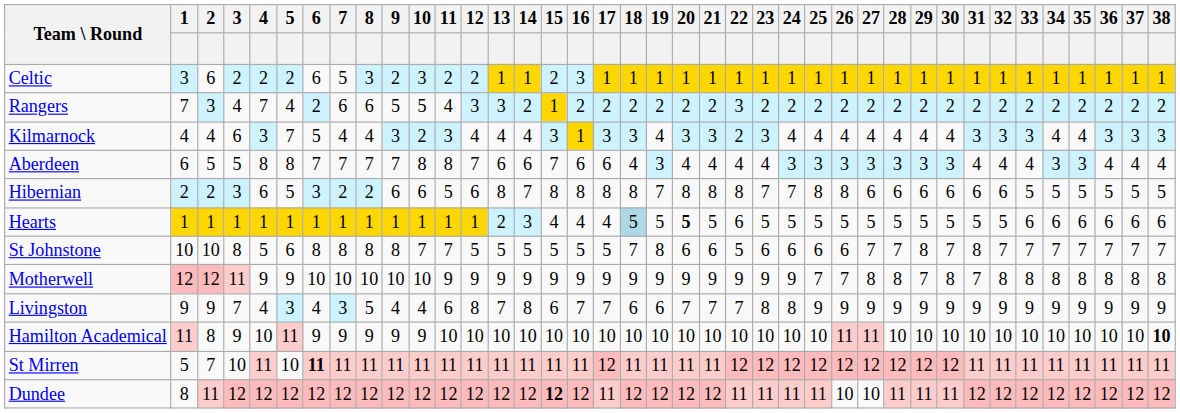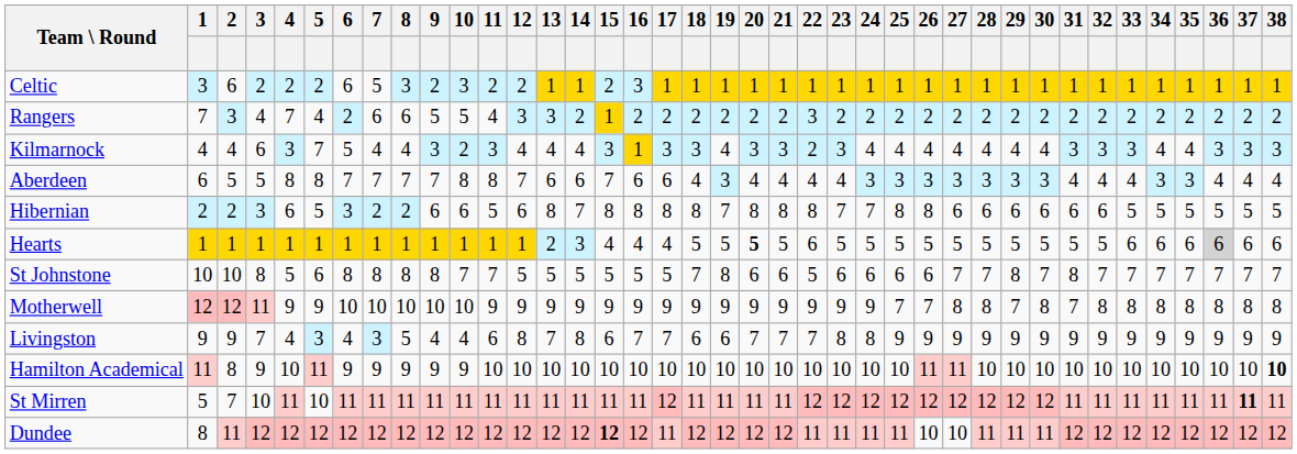 <table class="wikitable sortable" style="font-size: 100%; text-align:center;">
 <tr>
 <th rowspan="2">Team \ Round</th>
 <th align=center>1</th>
 <th align=center>2</th>
 <th align=center>3</th>
 <th align=center>4</th>
 <th align=center>5</th>
 <th align=center>6</th>
 <th align=center>7</th>
 <th align=center>8</th>
 <th align=center>9</th>
 <th align=center>10</th>
 <th align=center>11</th>
 <th align=center>12</th>
 <th align=center>13</th>
 <th align=center>14</th>
 <th align=center>15</th>
 <th align=center>16</th>
 <th align=center>17</th>
 <th align=center>18</th>
 <th align=center>19</th>
 <th align=center>20</th>
 <th align=center>21</th>
 <th align=center>22</th>
 <th align=center>23</th>
 <th align=center>24</th>
 <th align=center>25</th>
 <th align=center>26</th>
 <th align=center>27</th>
 <th align=center>28</th>
 <th align=center>29</th>
 <th align=center>30</th>
 <th align=center>31</th>
 <th align=center>32</th>
 <th align=center>33</th>
 <th align=center>34</th>
 <th align=center>35</th>
 <th align=center>36</th>
 <th align=center>37</th>
 <th align=center>38</th>
 </tr>
 <tr>
 <th style="text-align:center; height:20px;"></th>
 <th align=center></th>
 <th align=center></th>
 <th align=center></th>
 <th align=center></th>
 <th align=center></th>
 <th align=center></th>
 <th align=center></th>
 <th align=center></th>
 <th align=center></th>
 <th align=center></th>
 <th align=center></th>
 <th align=center></th>
 <th align=center></th>
 <th align=center></th>
 <th align=center></th>
 <th align=center></th>
 <th align=center></th>
 <th align=center></th>
 <th align=center></th>
 <th align=center></th>
 <th align=center></th>
 <th align=center></th>
 <th align=center></th>
 <th align=center></th>
 <th align=center></th>
 <th align=center></th>
 <th align=center></th>
 <th align=center></th>
 <th align=center></th>
 <th align=center></th>
 <th align=center></th>
 <th align=center></th>
 <th align=center></th>
 <th align=center></th>
 <th align=center></th>
 <th align=center></th>
 <th align=center></th>
 </tr>
 <tr align=center>
 <td align=left><a href='#'>Celtic</a></td>
 <td style="background:#CCF3FF;">3</td>
 <td>6</td>
 <td style="background:#CCF3FF;">2</td>
 <td style="background:#CCF3FF;">2</td>
 <td style="background:#CCF3FF;">2</td>
 <td>6</td>
 <td>5</td>
 <td style="background:#CCF3FF;">3</td>
 <td style="background:#CCF3FF;">2</td>
 <td style="background:#CCF3FF;">3</td>
 <td style="background:#CCF3FF;">2</td>
 <td style="background:#CCF3FF;">2</td>
 <td style="background:gold;">1</td>
 <td style="background:gold;">1</td>
 <td style="background:#CCF3FF;">2</td>
 <td style="background:#CCF3FF;">3</td>
 <td style="background:gold;">1</td>
 <td style="background:gold;">1</td>
 <td style="background:gold;">1</td>
 <td style="background:gold;">1</td>
 <td style="background:gold;">1</td>
 <td style="background:gold;">1</td>
 <td style="background:gold;">1</td>
 <td style="background:gold;">1</td>
 <td style="background:gold;">1</td>
 <td style="background:gold;">1</td>
 <td style="background:gold;">1</td>
 <td style="background:gold;">1</td>
 <td style="background:gold;">1</td>
 <td style="background:gold;">1</td>
 <td style="background:gold;">1</td>
 <td style="background:gold;">1</td>
 <td style="background:gold;">1</td>
 <td style="background:gold;">1</td>
 <td style="background:gold;">1</td>
 <td style="background:gold;">1</td>
 <td style="background:gold;">1</td>
 <td style="background:gold;">1</td>
 </tr>
 <tr align=center>
 <td align=left><a href='#'>Rangers</a></td>
 <td>7</td>
 <td style="background:#CCF3FF;">3</td>
 <td>4</td>
 <td>7</td>
 <td>4</td>
 <td style="background:#CCF3FF;">2</td>
 <td>6</td>
 <td>6</td>
 <td>5</td>
 <td>5</td>
 <td>4</td>
 <td style="background:#CCF3FF;">3</td>
 <td style="background:#CCF3FF;">3</td>
 <td style="background:#CCF3FF;">2</td>
 <td style="background:gold;">1</td>
 <td style="background:#CCF3FF;">2</td>
 <td style="background:#CCF3FF;">2</td>
 <td style="background:#CCF3FF;">2</td>
 <td style="background:#CCF3FF;">2</td>
 <td style="background:#CCF3FF;">2</td>
 <td style="background:#CCF3FF;">2</td>
 <td style="background:#CCF3FF;">3</td>
 <td style="background:#CCF3FF;">2</td>
 <td style="background:#CCF3FF;">2</td>
 <td style="background:#CCF3FF;">2</td>
 <td style="background:#CCF3FF;">2</td>
 <td style="background:#CCF3FF;">2</td>
 <td style="background:#CCF3FF;">2</td>
 <td style="background:#CCF3FF;">2</td>
 <td style="background:#CCF3FF;">2</td>
 <td style="background:#CCF3FF;">2</td>
 <td style="background:#CCF3FF;">2</td>
 <td style="background:#CCF3FF;">2</td>
 <td style="background:#CCF3FF;">2</td>
 <td style="background:#CCF3FF;">2</td>
 <td style="background:#CCF3FF;">2</td>
 <td style="background:#CCF3FF;">2</td>
 <td style="background:#CCF3FF;">2</td>
 </tr>
 <tr align=center>
 <td align=left><a href='#'>Kilmarnock</a></td>
 <td>4</td>
 <td>4</td>
 <td>6</td>
 <td style="background:#CCF3FF;">3</td>
 <td>7</td>
 <td>5</td>
 <td>4</td>
 <td>4</td>
 <td style="background:#CCF3FF;">3</td>
 <td style="background:#CCF3FF;">2</td>
 <td style="background:#CCF3FF;">3</td>
 <td>4</td>
 <td>4</td>
 <td>4</td>
 <td style="background:#CCF3FF;">3</td>
 <td style="background:gold;">1</td>
 <td style="background:#CCF3FF;">3</td>
 <td style="background:#CCF3FF;">3</td>
 <td>4</td>
 <td style="background:#CCF3FF;">3</td>
 <td style="background:#CCF3FF;">3</td>
 <td style="background:#CCF3FF;">2</td>
 <td style="background:#CCF3FF;">3</td>
 <td>4</td>
 <td>4</td>
 <td>4</td>
 <td>4</td>
 <td>4</td>
 <td>4</td>
 <td>4</td>
 <td style="background:#CCF3FF;">3</td>
 <td style="background:#CCF3FF;">3</td>
 <td style="background:#CCF3FF;">3</td>
 <td>4</td>
 <td>4</td>
 <td style="background:#CCF3FF;">3</td>
 <td style="background:#CCF3FF;">3</td>
 <td style="background:#CCF3FF;">3</td>
 </tr>
 <tr align=center>
 <td align=left><a href='#'>Aberdeen</a></td>
 <td>6</td>
 <td>5</td>
 <td>5</td>
 <td>8</td>
 <td>8</td>
 <td>7</td>
 <td>7</td>
 <td>7</td>
 <td>7</td>
 <td>8</td>
 <td>8</td>
 <td>7</td>
 <td>6</td>
 <td>6</td>
 <td>7</td>
 <td>6</td>
 <td>6</td>
 <td>4</td>
 <td style="background:#CCF3FF;">3</td>
 <td>4</td>
 <td>4</td>
 <td>4</td>
 <td>4</td>
 <td style="background:#CCF3FF;">3</td>
 <td style="background:#CCF3FF;">3</td>
 <td style="background:#CCF3FF;">3</td>
 <td style="background:#CCF3FF;">3</td>
 <td style="background:#CCF3FF;">3</td>
 <td style="background:#CCF3FF;">3</td>
 <td style="background:#CCF3FF;">3</td>
 <td>4</td>
 <td>4</td>
 <td>4</td>
 <td style="background:#CCF3FF;">3</td>
 <td style="background:#CCF3FF;">3</td>
 <td>4</td>
 <td>4</td>
 <td>4</td>
 </tr>
 <tr align=center>
 <td align=left><a href='#'>Hibernian</a></td>
 <td style="background:#CCF3FF;">2</td>
 <td style="background:#CCF3FF;">2</td>
 <td style="background:#CCF3FF;">3</td>
 <td>6</td>
 <td>5</td>
 <td style="background:#CCF3FF;">3</td>
 <td style="background:#CCF3FF;">2</td>
 <td style="background:#CCF3FF;">2</td>
 <td>6</td>
 <td>6</td>
 <td>5</td>
 <td>6</td>
 <td>8</td>
 <td>7</td>
 <td>8</td>
 <td>8</td>
 <td>8</td>
 <td>8</td>
 <td>7</td>
 <td>8</td>
 <td>8</td>
 <td>8</td>
 <td>7</td>
 <td>7</td>
 <td>8</td>
 <td>8</td>
 <td>6</td>
 <td>6</td>
 <td>6</td>
 <td>6</td>
 <td>6</td>
 <td>6</td>
 <td>5</td>
 <td>5</td>
 <td>5</td>
 <td>5</td>
 <td>5</td>
 <td>5</td>
 </tr>
 <tr align=center>
 <td align=left><a href='#'>Hearts</a></td>
 <td style="background:gold;">1</td>
 <td style="background:gold;">1</td>
 <td style="background:gold;">1</td>
 <td style="background:gold;">1</td>
 <td style="background:gold;">1</td>
 <td style="background:gold;">1</td>
 <td style="background:gold;">1</td>
 <td style="background:gold;">1</td>
 <td style="background:gold;">1</td>
 <td style="background:gold;">1</td>
 <td style="background:gold;">1</td>
 <td style="background:gold;">1</td>
 <td style="background:#CCF3FF;">2</td>
 <td style="background:#CCF3FF;">3</td>
 <td>4</td>
 <td>4</td>
 <td>4</td>
-<td style="background: lightblue;">5</td>
+<td>5</td>
 <td>5</td>
 <td><strong>5</strong></td>
 <td>5</td>
 <td>6</td>
 <td>5</td>
 <td>5</td>
 <td>5</td>
 <td>5</td>
 <td>5</td>
 <td>5</td>
 <td>5</td>
 <td>5</td>
 <td>5</td>
 <td>5</td>
 <td>6</td>
 <td>6</td>
 <td>6</td>
-<td>6</td>
+<td style="background: lightgrey;">6</td>
 <td>6</td>
 <td>6</td>
 </tr>
 <tr align=center>
 <td align=left><a href='#'>St Johnstone</a></td>
 <td>10</td>
 <td>10</td>
 <td>8</td>
 <td>5</td>
 <td>6</td>
 <td>8</td>
 <td>8</td>
 <td>8</td>
 <td>8</td>
 <td>7</td>
 <td>7</td>
 <td>5</td>
 <td>5</td>
 <td>5</td>
 <td>5</td>
 <td>5</td>
 <td>5</td>
 <td>7</td>
 <td>8</td>
 <td>6</td>
 <td>6</td>
 <td>5</td>
 <td>6</td>
 <td>6</td>
 <td>6</td>
 <td>6</td>
 <td>7</td>
 <td>7</td>
 <td>8</td>
 <td>7</td>
 <td>8</td>
 <td>7</td>
 <td>7</td>
 <td>7</td>
 <td>7</td>
 <td>7</td>
 <td>7</td>
 <td>7</td>
 </tr>
 <tr align=center>
 <td align=left><a href='#'>Motherwell</a></td>
 <td style="background:#FFBBBB;">12</td>
 <td style="background:#FFBBBB;">12</td>
 <td style="background:#FFCCCC;">11</td>
 <td>9</td>
 <td>9</td>
 <td>10</td>
 <td>10</td>
 <td>10</td>
 <td>10</td>
 <td>10</td>
 <td>9</td>
 <td>9</td>
 <td>9</td>
 <td>9</td>
 <td>9</td>
 <td>9</td>
 <td>9</td>
 <td>9</td>
 <td>9</td>
 <td>9</td>
 <td>9</td>
 <td>9</td>
 <td>9</td>
 <td>9</td>
 <td>7</td>
 <td>7</td>
 <td>8</td>
 <td>8</td>
 <td>7</td>
 <td>8</td>
 <td>7</td>
 <td>8</td>
 <td>8</td>
 <td>8</td>
 <td>8</td>
 <td>8</td>
 <td>8</td>
 <td>8</td>
 </tr>
 <tr align=center>
 <td align=left><a href='#'>Livingston</a></td>
 <td>9</td>
 <td>9</td>
 <td>7</td>
 <td>4</td>
 <td style="background:#CCF3FF;">3</td>
 <td>4</td>
 <td style="background:#CCF3FF;">3</td>
 <td>5</td>
 <td>4</td>
 <td>4</td>
 <td>6</td>
 <td>8</td>
 <td>7</td>
 <td>8</td>
 <td>6</td>
 <td>7</td>
 <td>7</td>
 <td>6</td>
 <td>6</td>
 <td>7</td>
 <td>7</td>
 <td>7</td>
 <td>8</td>
 <td>8</td>
 <td>9</td>
 <td>9</td>
 <td>9</td>
 <td>9</td>
 <td>9</td>
 <td>9</td>
 <td>9</td>
 <td>9</td>
 <td>9</td>
 <td>9</td>
 <td>9</td>
 <td>9</td>
 <td>9</td>
 <td>9</td>
 </tr>
 <tr align=center>
 <td align=left><a href='#'>Hamilton Academical</a></td>
 <td style="background:#FFCCCC;">11</td>
 <td>8</td>
 <td>9</td>
 <td>10</td>
 <td style="background:#FFCCCC;">11</td>
 <td>9</td>
 <td>9</td>
 <td>9</td>
 <td>9</td>
 <td>9</td>
 <td>10</td>
 <td>10</td>
 <td>10</td>
 <td>10</td>
 <td>10</td>
 <td>10</td>
 <td>10</td>
 <td>10</td>
 <td>10</td>
 <td>10</td>
 <td>10</td>
 <td>10</td>
 <td>10</td>
 <td>10</td>
 <td>10</td>
 <td style="background:#FFCCCC;">11</td>
 <td style="background:#FFCCCC;">11</td>
 <td>10</td>
 <td>10</td>
 <td>10</td>
 <td>10</td>
 <td>10</td>
 <td>10</td>
 <td>10</td>
 <td>10</td>
 <td>10</td>
 <td>10</td>
 <td><strong>10</strong></td>
 </tr>
 <tr align=center>
 <td align=left><a href='#'>St Mirren</a></td>
 <td>5</td>
 <td>7</td>
 <td>10</td>
 <td style="background:#FFCCCC;">11</td>
 <td>10</td>
-<td style="background:#FFCCCC;"><strong>11</strong></td>
+<td style="background:#FFCCCC;">11</td>
 <td style="background:#FFCCCC;">11</td>
 <td style="background:#FFCCCC;">11</td>
 <td style="background:#FFCCCC;">11</td>
 <td style="background:#FFCCCC;">11</td>
 <td style="background:#FFCCCC;">11</td>
 <td style="background:#FFCCCC;">11</td>
 <td style="background:#FFCCCC;">11</td>
 <td style="background:#FFCCCC;">11</td>
 <td style="background:#FFCCCC;">11</td>
 <td style="background:#FFCCCC;">11</td>
 <td style="background:#FFBBBB;">12</td>
 <td style="background:#FFCCCC;">11</td>
 <td style="background:#FFCCCC;">11</td>
 <td style="background:#FFCCCC;">11</td>
 <td style="background:#FFCCCC;">11</td>
 <td style="background:#FFBBBB;">12</td>
 <td style="background:#FFBBBB;">12</td>
 <td style="background:#FFBBBB;">12</td>
 <td style="background:#FFBBBB;">12</td>
 <td style="background:#FFBBBB;">12</td>
 <td style="background:#FFBBBB;">12</td>
 <td style="background:#FFBBBB;">12</td>
 <td style="background:#FFBBBB;">12</td>
 <td style="background:#FFBBBB;">12</td>
 <td style="background:#FFCCCC;">11</td>
 <td style="background:#FFCCCC;">11</td>
 <td style="background:#FFCCCC;">11</td>
 <td style="background:#FFCCCC;">11</td>
 <td style="background:#FFCCCC;">11</td>
 <td style="background:#FFCCCC;">11</td>
-<td style="background:#FFCCCC;">11</td>
+<td style="background:#FFCCCC;"><strong>11</strong></td>
 <td style="background:#FFCCCC;">11</td>
 </tr>
 <tr align=center>
 <td align=left><a href='#'>Dundee</a></td>
 <td>8</td>
 <td style="background:#FFCCCC;">11</td>
 <td style="background:#FFBBBB;">12</td>
 <td style="background:#FFBBBB;">12</td>
 <td style="background:#FFBBBB;">12</td>
 <td style="background:#FFBBBB;">12</td>
 <td style="background:#FFBBBB;">12</td>
 <td style="background:#FFBBBB;">12</td>
 <td style="background:#FFBBBB;">12</td>
 <td style="background:#FFBBBB;">12</td>
 <td style="background:#FFBBBB;">12</td>
 <td style="background:#FFBBBB;">12</td>
 <td style="background:#FFBBBB;">12</td>
 <td style="background:#FFBBBB;">12</td>
 <td style="background:#FFBBBB;"><strong>12</strong></td>
 <td style="background:#FFBBBB;">12</td>
 <td style="background:#FFCCCC;">11</td>
 <td style="background:#FFBBBB;">12</td>
 <td style="background:#FFBBBB;">12</td>
 <td style="background:#FFBBBB;">12</td>
 <td style="background:#FFBBBB;">12</td>
 <td style="background:#FFCCCC;">11</td>
 <td style="background:#FFCCCC;">11</td>
 <td style="background:#FFCCCC;">11</td>
 <td style="background:#FFCCCC;">11</td>
 <td>10</td>
 <td>10</td>
 <td style="background:#FFCCCC;">11</td>
 <td style="background:#FFCCCC;">11</td>
 <td style="background:#FFCCCC;">11</td>
 <td style="background:#FFBBBB;">12</td>
 <td style="background:#FFBBBB;">12</td>
 <td style="background:#FFBBBB;">12</td>
 <td style="background:#FFBBBB;">12</td>
 <td style="background:#FFBBBB;">12</td>
 <td style="background:#FFBBBB;">12</td>
 <td style="background:#FFBBBB;">12</td>
 <td style="background:#FFBBBB;">12</td>
 </tr>
 </table>
